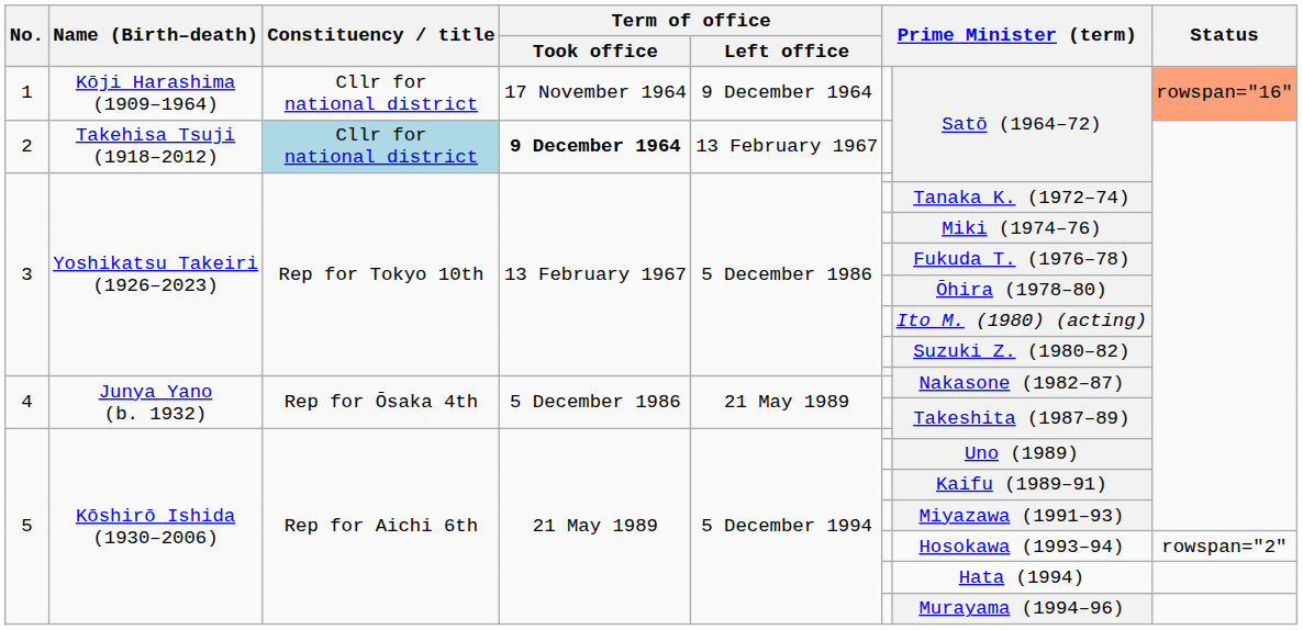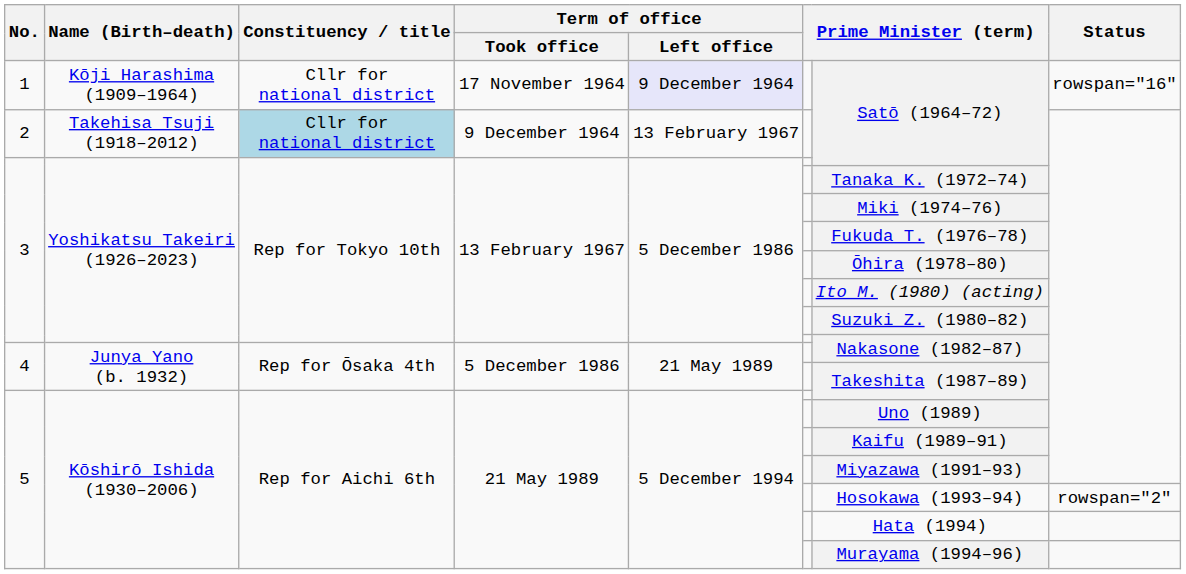 <table class="wikitable" style="text-align:center">
 <tr>
 <th rowspan="2">No.</th>
 <th rowspan="2">Name (Birth–death)</th>
 <th rowspan="2">Constituency / title</th>
 <th colspan="2">Term of office</th>
 <th colspan="2" rowspan="2"><a href='#'>Prime Minister</a> (term)</th>
 <th rowspan="2">Status</th>
 </tr>
 <tr>
 <th>Took office</th>
 <th>Left office</th>
 </tr>
 <tr>
 <td>1</td>
 <td><a href='#'>Kōji Harashima</a><br>(1909–1964)</td>
 <td>Cllr for<br><a href='#'>national district</a></td>
 <td>17 November 1964</td>
-<td>9 December 1964</td>
+<td style="background: lavender;">9 December 1964</td>
 <td style="background-color: "></td>
 <th style=font-weight:normal rowspan="3"><a href='#'>Satō</a> (1964–72)</th>
-<td style="background: lightsalmon;">rowspan="16" </td>
+<td>rowspan="16" </td>
 </tr>
 <tr>
 <td>2</td>
 <td><a href='#'>Takehisa Tsuji</a><br>(1918–2012)</td>
 <td style="background: lightblue;">Cllr for<br><a href='#'>national district</a></td>
-<td><strong>9 December 1964</strong></td>
+<td>9 December 1964</td>
 <td>13 February 1967</td>
 <td style="background-color: "></td>
 </tr>
 <tr>
 <td rowspan="8">3</td>
 <td rowspan="8"><a href='#'>Yoshikatsu Takeiri</a><br>(1926–2023)</td>
 <td rowspan="8">Rep for Tokyo 10th</td>
 <td rowspan="8">13 February 1967</td>
 <td rowspan="8">5 December 1986</td>
 <td style="background-color: "></td>
 </tr>
 <tr>
 <td style="background-color: "></td>
 <th style=font-weight:normal><a href='#'>Tanaka K.</a> (1972–74)</th>
 </tr>
 <tr>
 <td style="background-color: "></td>
 <th style=font-weight:normal><a href='#'>Miki</a> (1974–76)</th>
 </tr>
 <tr>
 <td style="background-color: "></td>
 <th style=font-weight:normal><a href='#'>Fukuda T.</a> (1976–78)</th>
 </tr>
 <tr>
 <td style="background-color: "></td>
 <th style=font-weight:normal><a href='#'>Ōhira</a> (1978–80)</th>
 </tr>
 <tr>
 <td style="background-color: "></td>
 <th style=font-weight:normal><a href='#'><em>Ito M.</em></a> <em>(1980) (acting)</em></th>
 </tr>
 <tr>
 <td style="background-color: "></td>
 <th style=font-weight:normal><a href='#'>Suzuki Z.</a> (1980–82)</th>
 </tr>
 <tr>
 <td style="background-color: "></td>
 <th style=font-weight:normal rowspan="2"><a href='#'>Nakasone</a> (1982–87)</th>
 </tr>
 <tr>
 <td rowspan="2">4</td>
 <td rowspan="2"><a href='#'>Junya Yano</a><br>(b. 1932)</td>
 <td rowspan="2">Rep for Ōsaka 4th</td>
 <td rowspan="2">5 December 1986</td>
 <td rowspan="2">21 May 1989</td>
 <td style="background-color: "></td>
 </tr>
 <tr>
 <td style="background-color: "></td>
 <th style=font-weight:normal rowspan="2"><a href='#'>Takeshita</a> (1987–89)</th>
 </tr>
 <tr>
 <td rowspan="7">5</td>
 <td rowspan="7"><a href='#'>Kōshirō Ishida</a><br>(1930–2006)</td>
 <td rowspan="7">Rep for Aichi 6th</td>
 <td rowspan="7">21 May 1989</td>
 <td rowspan="7">5 December 1994</td>
 <td style="background-color: "></td>
 </tr>
 <tr>
 <td style="background-color: "></td>
 <th style=font-weight:normal><a href='#'>Uno</a> (1989)</th>
 </tr>
 <tr>
 <td style="background-color: "></td>
 <th style=font-weight:normal><a href='#'>Kaifu</a> (1989–91)</th>
 </tr>
 <tr>
 <td style="background-color: "></td>
 <th style=font-weight:normal><a href='#'>Miyazawa</a> (1991–93)</th>
 </tr>
 <tr>
 <td style="background-color: "></td>
 <td><a href='#'>Hosokawa</a> (1993–94)</td>
 <td>rowspan="2" </td>
 </tr>
 <tr>
 <td style="background-color: "></td>
 <td><a href='#'>Hata</a> (1994)</td>
 </tr>
 <tr>
 <td style="background-color: "></td>
 <th style=font-weight:normal><a href='#'>Murayama</a> (1994–96)</th>
 <td></td>
 </tr>
 </table>
